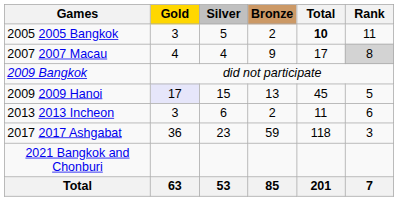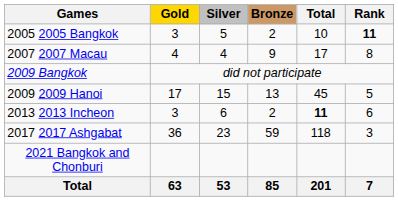 <table class="wikitable sortable" style="text-align:center;">
 <tr>
 <th width=180>Games</th>
 <th scope="col" style="background:gold; width:55px;">Gold</th>
 <th scope="col" style="background:silver; width:55px;">Silver</th>
 <th scope="col" style="background:#cc9966; width:55px;">Bronze</th>
 <th width=55>Total</th>
 <th width=55>Rank</th>
 </tr>
 <tr>
 <td align=left><span>2005</span> <a href='#'>2005 Bangkok</a></td>
 <td>3</td>
 <td>5</td>
 <td>2</td>
-<td><strong>10</strong></td>
-<td>11</td>
+<td>10</td>
+<td><strong>11</strong></td>
 </tr>
 <tr>
 <td align=left><span>2007</span> <a href='#'>2007 Macau</a></td>
 <td>4</td>
 <td>4</td>
 <td>9</td>
 <td>17</td>
-<td style="background: lightgrey;">8</td>
+<td>8</td>
 </tr>
 <tr class="sortbottom">
 <td align=left><em> <a href='#'>2009 Bangkok</a></em></td>
 <td colspan=5><em>did not participate</em></td>
 </tr>
 <tr>
 <td align=left><span>2009</span> <a href='#'>2009 Hanoi</a></td>
-<td style="background: lavender;">17</td>
+<td>17</td>
 <td>15</td>
 <td>13</td>
 <td>45</td>
 <td>5</td>
 </tr>
 <tr>
 <td align=left><span>2013</span> <a href='#'>2013 Incheon</a></td>
 <td>3</td>
 <td>6</td>
 <td>2</td>
-<td>11</td>
+<td><strong>11</strong></td>
 <td>6</td>
 </tr>
 <tr>
 <td align=left><span>2017</span> <a href='#'>2017 Ashgabat</a></td>
 <td>36</td>
 <td>23</td>
 <td>59</td>
 <td>118</td>
 <td>3</td>
 </tr>
 <tr>
 <td> <a href='#'>2021 Bangkok and Chonburi</a></td>
 <td></td>
 <td></td>
 <td></td>
 <td></td>
 <td></td>
 </tr>
 <tr class="sortbottom">
 <th>Total</th>
 <th>63</th>
 <th>53</th>
 <th>85</th>
 <th>201</th>
 <th>7</th>
 </tr>
 </table>
